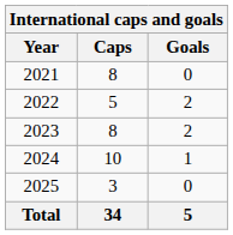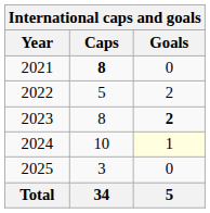 <table class="wikitable sortable" style="text-align:center">
 <tr>
 <th colspan="3">International caps and goals</th>
 </tr>
 <tr>
 <th>Year</th>
 <th>Caps</th>
 <th>Goals</th>
 </tr>
 <tr>
 <td>2021</td>
-<td>8</td>
+<td><strong>8</strong></td>
 <td>0</td>
 </tr>
 <tr>
 <td>2022</td>
 <td>5</td>
 <td>2</td>
 </tr>
 <tr>
 <td>2023</td>
 <td>8</td>
-<td>2</td>
+<td><strong>2</strong></td>
 </tr>
 <tr>
 <td>2024</td>
 <td>10</td>
-<td>1</td>
+<td style="background: lightyellow;">1</td>
 </tr>
 <tr>
 <td>2025</td>
 <td>3</td>
 <td>0</td>
 </tr>
 <tr>
 <th>Total</th>
 <th>34</th>
 <th>5</th>
 </tr>
 </table>
